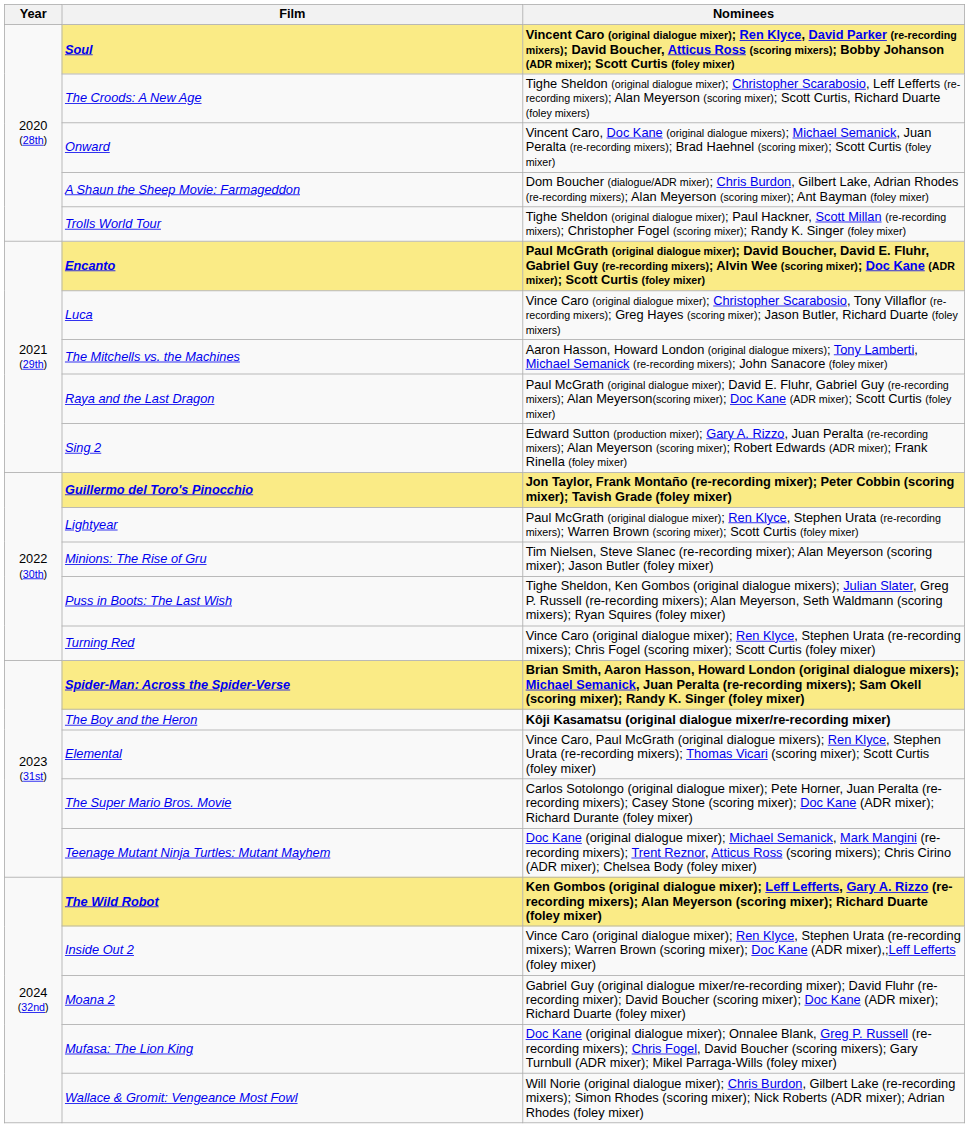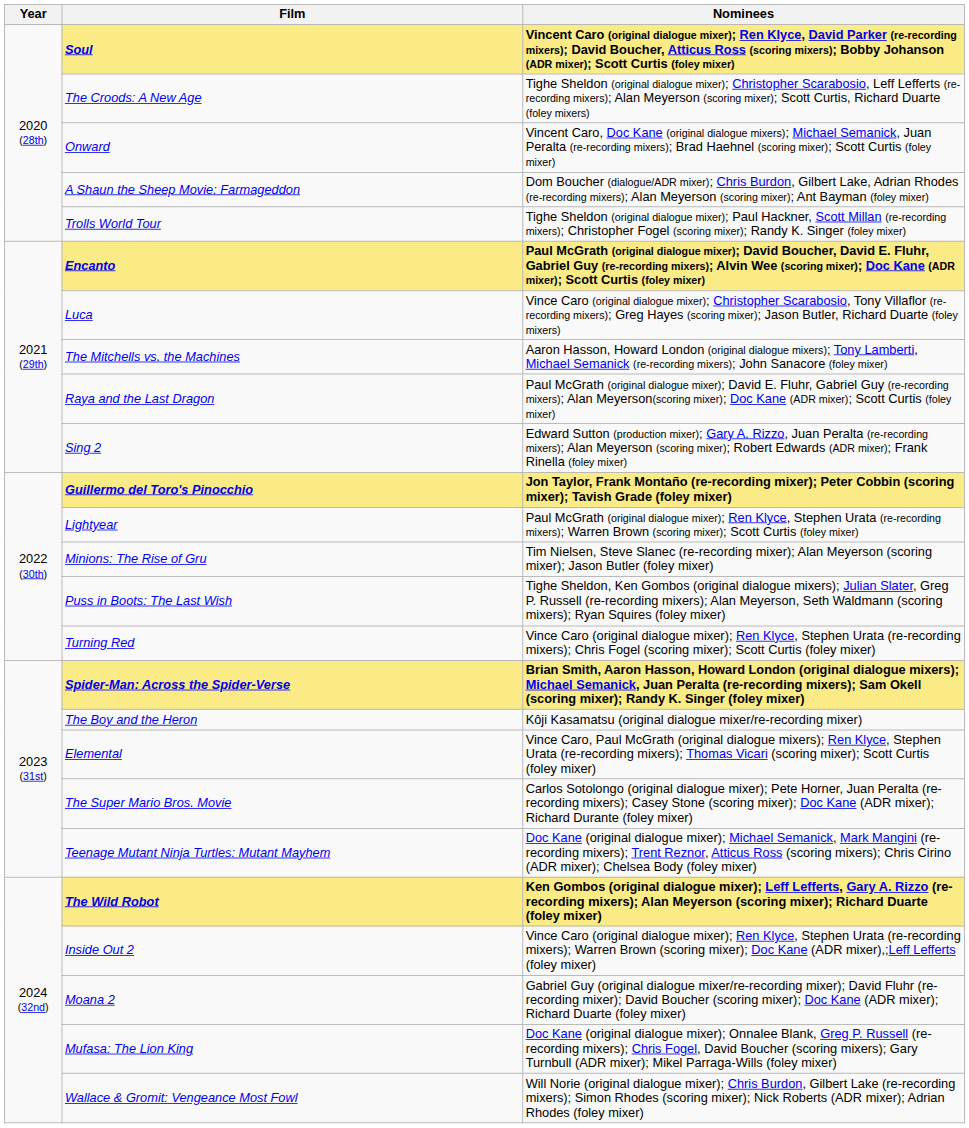 <table class="wikitable" width="95%" cellpadding="5">
 <tr>
 <th width="6%">Year</th>
 <th width="48%">Film</th>
 <th width="48%">Nominees</th>
 </tr>
 <tr>
 <td rowspan="5" style="text-align:center;">2020 <br><small>(<a href='#'>28th</a>)</small><br></td>
 <td style="background:#FAEB86;"><strong><em><a href='#'>Soul</a></em></strong></td>
 <td style="background:#FAEB86;"><strong>Vincent Caro <small>(original dialogue mixer)</small>; <a href='#'>Ren Klyce</a>, <a href='#'>David Parker</a> <small>(re-recording mixers)</small>; David Boucher, <a href='#'>Atticus Ross</a> <small>(scoring mixers)</small>; Bobby Johanson <small>(ADR mixer)</small>; Scott Curtis <small>(foley mixer)</small></strong></td>
 </tr>
 <tr>
 <td><em><a href='#'>The Croods: A New Age</a></em></td>
 <td>Tighe Sheldon <small>(original dialogue mixer)</small>; <a href='#'>Christopher Scarabosio</a>, Leff Lefferts <small>(re-recording mixers)</small>; Alan Meyerson <small>(scoring mixer)</small>; Scott Curtis, Richard Duarte <small>(foley mixers)</small></td>
 </tr>
 <tr>
 <td><em><a href='#'>Onward</a></em></td>
 <td>Vincent Caro, <a href='#'>Doc Kane</a> <small>(original dialogue mixers)</small>; <a href='#'>Michael Semanick</a>, Juan Peralta <small>(re-recording mixers)</small>; Brad Haehnel <small>(scoring mixer)</small>; Scott Curtis <small>(foley mixer)</small></td>
 </tr>
 <tr>
 <td><em><a href='#'>A Shaun the Sheep Movie: Farmageddon</a></em></td>
 <td>Dom Boucher <small>(dialogue/ADR mixer)</small>; <a href='#'>Chris Burdon</a>, Gilbert Lake, Adrian Rhodes <small>(re-recording mixers)</small>; Alan Meyerson <small>(scoring mixer)</small>; Ant Bayman <small>(foley mixer)</small></td>
 </tr>
 <tr>
 <td><em><a href='#'>Trolls World Tour</a></em></td>
 <td>Tighe Sheldon <small>(original dialogue mixer)</small>; Paul Hackner, <a href='#'>Scott Millan</a> <small>(re-recording mixers)</small>; Christopher Fogel <small>(scoring mixer)</small>; Randy K. Singer <small>(foley mixer)</small></td>
 </tr>
 <tr>
 <td rowspan="5" style="text-align:center;">2021 <br><small>(<a href='#'>29th</a>)</small><br></td>
 <td style="background:#FAEB86;"><strong><em><a href='#'>Encanto</a></em></strong></td>
 <td style="background:#FAEB86;"><strong>Paul McGrath <small>(original dialogue mixer)</small>; David Boucher, David E. Fluhr, Gabriel Guy <small>(re-recording mixers)</small>; Alvin Wee <small>(scoring mixer)</small>; <a href='#'>Doc Kane</a> <small>(ADR mixer)</small>; Scott Curtis <small>(foley mixer)</small></strong></td>
 </tr>
 <tr>
 <td><em><a href='#'>Luca</a></em></td>
 <td>Vince Caro <small>(original dialogue mixer)</small>; <a href='#'>Christopher Scarabosio</a>, Tony Villaflor <small>(re-recording mixers)</small>; Greg Hayes <small>(scoring mixer)</small>; Jason Butler, Richard Duarte <small>(foley mixers)</small></td>
 </tr>
 <tr>
 <td><em><a href='#'>The Mitchells vs. the Machines</a></em></td>
 <td>Aaron Hasson, Howard London <small>(original dialogue mixers)</small>; <a href='#'>Tony Lamberti</a>, <a href='#'>Michael Semanick</a> <small>(re-recording mixers)</small>; John Sanacore <small>(foley mixer)</small></td>
 </tr>
 <tr>
 <td><em><a href='#'>Raya and the Last Dragon</a></em></td>
 <td>Paul McGrath <small>(original dialogue mixer)</small>; David E. Fluhr, Gabriel Guy <small>(re-recording mixers)</small>; Alan Meyerson<small>(scoring mixer)</small>; <a href='#'>Doc Kane</a> <small>(ADR mixer)</small>; Scott Curtis <small>(foley mixer)</small></td>
 </tr>
 <tr>
 <td><em><a href='#'>Sing 2</a></em></td>
 <td>Edward Sutton <small>(production mixer)</small>; <a href='#'>Gary A. Rizzo</a>, Juan Peralta <small>(re-recording mixers)</small>; Alan Meyerson <small>(scoring mixer)</small>; Robert Edwards <small>(ADR mixer)</small>; Frank Rinella <small>(foley mixer)</small></td>
 </tr>
 <tr>
 <td rowspan="5" style="text-align:center;">2022 <br><small>(<a href='#'>30th</a>)</small><br></td>
 <td style="background:#FAEB86;"><strong><em><a href='#'>Guillermo del Toro's Pinocchio</a></em></strong></td>
 <td style="background:#FAEB86;"><strong>Jon Taylor, Frank Montaño (re-recording mixer); Peter Cobbin (scoring mixer); Tavish Grade (foley mixer)</strong></td>
 </tr>
 <tr>
 <td><em><a href='#'>Lightyear</a></em></td>
 <td>Paul McGrath <small>(original dialogue mixer)</small>; <a href='#'>Ren Klyce</a>, Stephen Urata <small>(re-recording mixers)</small>; Warren Brown <small>(scoring mixer)</small>; Scott Curtis <small>(foley mixer)</small></td>
 </tr>
 <tr>
 <td><em><a href='#'>Minions: The Rise of Gru</a></em></td>
 <td>Tim Nielsen, Steve Slanec (re-recording mixer); Alan Meyerson (scoring mixer); Jason Butler (foley mixer)</td>
 </tr>
 <tr>
 <td><em><a href='#'>Puss in Boots: The Last Wish</a></em></td>
 <td>Tighe Sheldon, Ken Gombos (original dialogue mixers); <a href='#'>Julian Slater</a>, Greg P. Russell (re-recording mixers); Alan Meyerson, Seth Waldmann (scoring mixers); Ryan Squires (foley mixer)</td>
 </tr>
 <tr>
 <td><em><a href='#'>Turning Red</a></em></td>
 <td>Vince Caro (original dialogue mixer); <a href='#'>Ren Klyce</a>, Stephen Urata (re-recording mixers); Chris Fogel (scoring mixer); Scott Curtis (foley mixer)</td>
 </tr>
 <tr>
 <td rowspan="5" style="text-align:center;">2023 <br><small>(<a href='#'>31st</a>)</small><br></td>
 <td style="background:#FAEB86;"><strong><em><a href='#'>Spider-Man: Across the Spider-Verse</a></em></strong></td>
 <td style="background:#FAEB86;"><strong>Brian Smith, Aaron Hasson, Howard London (original dialogue mixers); <a href='#'>Michael Semanick</a>, Juan Peralta (re-recording mixers); Sam Okell (scoring mixer); Randy K. Singer (foley mixer)</strong></td>
 </tr>
 <tr>
 <td><em><a href='#'>The Boy and the Heron</a></em></td>
-<td><strong>Kôji Kasamatsu (original dialogue mixer/re-recording mixer)</strong></td>
+<td>Kôji Kasamatsu (original dialogue mixer/re-recording mixer)</td>
 </tr>
 <tr>
 <td><em><a href='#'>Elemental</a></em></td>
 <td>Vince Caro, Paul McGrath (original dialogue mixers); <a href='#'>Ren Klyce</a>, Stephen Urata (re-recording mixers); <a href='#'>Thomas Vicari</a> (scoring mixer); Scott Curtis (foley mixer)</td>
 </tr>
 <tr>
 <td><em><a href='#'>The Super Mario Bros. Movie</a></em></td>
 <td>Carlos Sotolongo (original dialogue mixer); Pete Horner, Juan Peralta (re-recording mixers); Casey Stone (scoring mixer); <a href='#'>Doc Kane</a> (ADR mixer); Richard Durante (foley mixer)</td>
 </tr>
 <tr>
 <td><em><a href='#'>Teenage Mutant Ninja Turtles: Mutant Mayhem</a></em></td>
 <td><a href='#'>Doc Kane</a> (original dialogue mixer); <a href='#'>Michael Semanick</a>, <a href='#'>Mark Mangini</a> (re-recording mixers); <a href='#'>Trent Reznor</a>, <a href='#'>Atticus Ross</a> (scoring mixers); Chris Cirino (ADR mixer); Chelsea Body (foley mixer)</td>
 </tr>
 <tr>
 <td rowspan="5" style="text-align:center;">2024 <br><small>(<a href='#'>32nd</a>)</small><br></td>
 <td style="background:#FAEB86;"><strong><em><a href='#'>The Wild Robot</a></em></strong></td>
 <td style="background:#FAEB86;"><strong>Ken Gombos (original dialogue mixer); <a href='#'>Leff Lefferts</a>, <a href='#'>Gary A. Rizzo</a> (re-recording mixers); Alan Meyerson (scoring mixer); Richard Duarte (foley mixer)</strong></td>
 </tr>
 <tr>
 <td><em><a href='#'>Inside Out 2</a></em></td>
 <td>Vince Caro (original dialogue mixer); <a href='#'>Ren Klyce</a>, Stephen Urata (re-recording mixers); Warren Brown (scoring mixer); <a href='#'>Doc Kane</a> (ADR mixer),;<a href='#'>Leff Lefferts</a> (foley mixer)</td>
 </tr>
 <tr>
 <td><em><a href='#'>Moana 2</a></em></td>
 <td>Gabriel Guy (original dialogue mixer/re-recording mixer); David Fluhr (re-recording mixer); David Boucher (scoring mixer); <a href='#'>Doc Kane</a> (ADR mixer); Richard Duarte (foley mixer)</td>
 </tr>
 <tr>
 <td><em><a href='#'>Mufasa: The Lion King</a></em></td>
 <td><a href='#'>Doc Kane</a> (original dialogue mixer); Onnalee Blank, <a href='#'>Greg P. Russell</a> (re-recording mixers); <a href='#'>Chris Fogel</a>, David Boucher (scoring mixers); Gary Turnbull (ADR mixer); Mikel Parraga-Wills (foley mixer)</td>
 </tr>
 <tr>
 <td><em><a href='#'>Wallace & Gromit: Vengeance Most Fowl</a></em></td>
 <td>Will Norie (original dialogue mixer); <a href='#'>Chris Burdon</a>, Gilbert Lake (re-recording mixers); Simon Rhodes (scoring mixer); Nick Roberts (ADR mixer); Adrian Rhodes (foley mixer)</td>
 </tr>
 </table>
